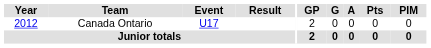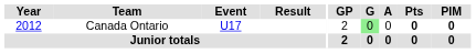 <table border="0" cellpadding="1" cellspacing="0" ID="Table3" style="text-align:center; width:40em">
 <tr ALIGN="center" bgcolor="#e0e0e0">
 <th>Year</th>
 <th>Team</th>
 <th>Event</th>
 <th>Result</th>
 <th rowspan="99" bgcolor="#ffffff"></th>
 <th>GP</th>
 <th>G</th>
 <th>A</th>
 <th>Pts</th>
 <th>PIM</th>
 </tr>
 <tr>
 <td><a href='#'>2012</a></td>
 <td>Canada Ontario</td>
 <td><a href='#'>U17</a></td>
 <td></td>
 <td>2</td>
+<td style="background: lightgreen;">0</td>
 <td>0</td>
-<td>0</td>
-<td>0</td>
-<td>0</td>
+<td><strong>0</strong></td>
+<td><strong>0</strong></td>
 </tr>
 <tr bgcolor="#e0e0e0">
 <th colspan="4">Junior totals</th>
 <th>2</th>
 <th>0</th>
 <th>0</th>
 <th>0</th>
 <th>0</th>
 </tr>
 </table>
